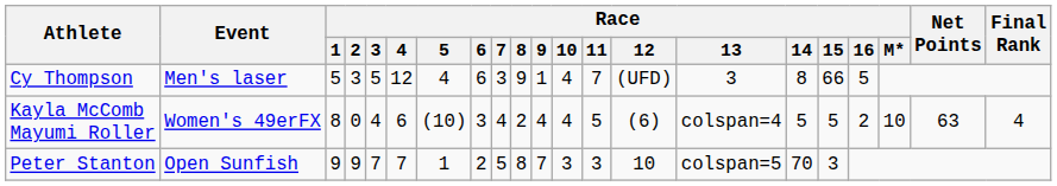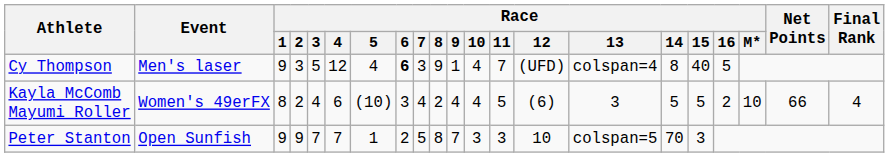 <table class="wikitable" style="font-size:90%">
 <tr>
 <th rowspan=2>Athlete</th>
 <th rowspan=2>Event</th>
 <th colspan=17>Race</th>
 <th rowspan=2>Net<br>Points</th>
 <th rowspan=2>Final<br>Rank</th>
 </tr>
 <tr style="font-size:95%">
 <th>1</th>
 <th>2</th>
 <th>3</th>
 <th>4</th>
 <th>5</th>
 <th>6</th>
 <th>7</th>
 <th>8</th>
 <th>9</th>
 <th>10</th>
 <th>11</th>
 <th>12</th>
 <th>13</th>
 <th>14</th>
 <th>15</th>
 <th>16</th>
 <th>M*</th>
 </tr>
 <tr align=center>
 <td align=left><a href='#'>Cy Thompson</a></td>
 <td align=left><a href='#'>Men's laser</a></td>
-<td>5</td>
+<td>9</td>
 <td>3</td>
 <td>5</td>
 <td>12</td>
 <td>4</td>
-<td>6</td>
+<td><strong>6</strong></td>
 <td>3</td>
 <td>9</td>
 <td>1</td>
 <td>4</td>
 <td>7</td>
 <td>(UFD)</td>
-<td>3</td>
+<td>colspan=4 </td>
 <td>8</td>
-<td>66</td>
+<td>40</td>
 <td>5</td>
 </tr>
 <tr align=center>
 <td align=left><a href='#'>Kayla McComb</a><br><a href='#'>Mayumi Roller</a></td>
 <td align=left><a href='#'>Women's 49erFX</a></td>
 <td>8</td>
-<td>0</td>
+<td>2</td>
 <td>4</td>
 <td>6</td>
 <td>(10)</td>
 <td>3</td>
 <td>4</td>
 <td>2</td>
 <td>4</td>
 <td>4</td>
 <td>5</td>
 <td>(6)</td>
-<td>colspan=4 </td>
+<td>3</td>
 <td>5</td>
 <td>5</td>
 <td>2</td>
 <td>10</td>
-<td>63</td>
+<td>66</td>
 <td>4</td>
 </tr>
 <tr align=center>
 <td align=left><a href='#'>Peter Stanton</a></td>
 <td align=left><a href='#'>Open Sunfish</a></td>
 <td>9</td>
 <td>9</td>
 <td>7</td>
 <td>7</td>
 <td>1</td>
 <td>2</td>
 <td>5</td>
 <td>8</td>
 <td>7</td>
 <td>3</td>
 <td>3</td>
 <td>10</td>
 <td>colspan=5 </td>
 <td>70</td>
 <td>3</td>
 </tr>
 </table>
